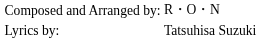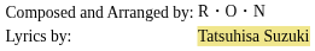 <table>
 <tr>
 <td>Composed and Arranged by:</td>
 <td>R・O・N</td>
 </tr>
 <tr>
 <td>Lyrics by:</td>
-<td>Tatsuhisa Suzuki</td>
+<td style="background: khaki;">Tatsuhisa Suzuki</td>
 </tr>
 <tr>
 </tr>
 </table>
